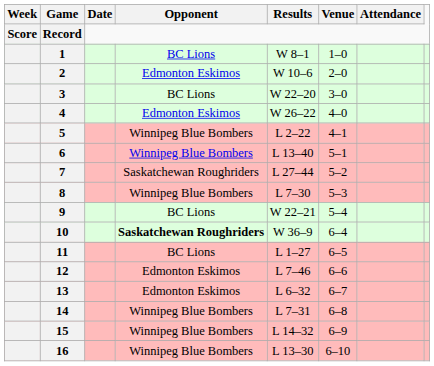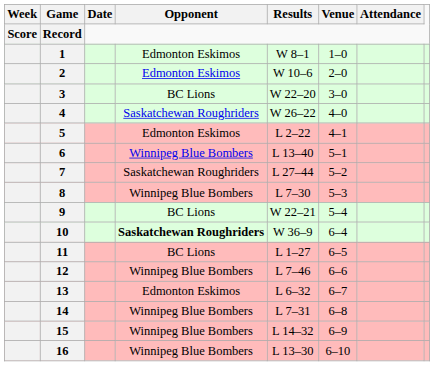 <table class="wikitable" style="text-align:center">
 <tr>
 <th>Week</th>
 <th>Game</th>
 <th>Date</th>
 <th>Opponent</th>
 <th>Results</th>
 <th>Venue</th>
 <th>Attendance</th>
 </tr>
 <tr>
 <th>Score</th>
 <th>Record</th>
 </tr>
 <tr style="background:#ddffdd">
 <th></th>
 <th>1</th>
 <td></td>
-<td><a href='#'>BC Lions</a></td>
+<td>Edmonton Eskimos</td>
 <td>W 8–1</td>
 <td>1–0</td>
 <td></td>
 <td></td>
 </tr>
 <tr style="background:#ddffdd">
 <th></th>
 <th>2</th>
 <td></td>
 <td><a href='#'>Edmonton Eskimos</a></td>
 <td>W 10–6</td>
 <td>2–0</td>
 <td></td>
 <td></td>
 </tr>
 <tr style="background:#ddffdd">
 <th></th>
 <th>3</th>
 <td></td>
 <td>BC Lions</td>
 <td>W 22–20</td>
 <td>3–0</td>
 <td></td>
 <td></td>
 </tr>
 <tr style="background:#ddffdd">
 <th></th>
 <th>4</th>
 <td></td>
-<td><a href='#'>Edmonton Eskimos</a></td>
+<td><a href='#'>Saskatchewan Roughriders</a></td>
 <td>W 26–22</td>
 <td>4–0</td>
 <td></td>
 <td></td>
 </tr>
 <tr style="background:#ffbbbb">
 <th></th>
 <th>5</th>
 <td></td>
-<td>Winnipeg Blue Bombers</td>
+<td>Edmonton Eskimos</td>
 <td>L 2–22</td>
 <td>4–1</td>
 <td></td>
 <td></td>
 </tr>
 <tr style="background:#ffbbbb">
 <th></th>
 <th>6</th>
 <td></td>
 <td><a href='#'>Winnipeg Blue Bombers</a></td>
 <td>L 13–40</td>
 <td>5–1</td>
 <td></td>
 <td></td>
 </tr>
 <tr style="background:#ffbbbb">
 <th></th>
 <th>7</th>
 <td></td>
 <td>Saskatchewan Roughriders</td>
 <td>L 27–44</td>
 <td>5–2</td>
 <td></td>
 <td></td>
 </tr>
 <tr style="background:#ffbbbb">
 <th></th>
 <th>8</th>
 <td></td>
 <td>Winnipeg Blue Bombers</td>
 <td>L 7–30</td>
 <td>5–3</td>
 <td></td>
 <td></td>
 </tr>
 <tr style="background:#ddffdd">
 <th></th>
 <th>9</th>
 <td></td>
 <td>BC Lions</td>
 <td>W 22–21</td>
 <td>5–4</td>
 <td></td>
 <td></td>
 </tr>
 <tr style="background:#ddffdd">
 <th></th>
 <th>10</th>
 <td></td>
 <td><strong>Saskatchewan Roughriders</strong></td>
 <td>W 36–9</td>
 <td>6–4</td>
 <td></td>
 <td></td>
 </tr>
 <tr style="background:#ffbbbb">
 <th></th>
 <th>11</th>
 <td></td>
 <td>BC Lions</td>
 <td>L 1–27</td>
 <td>6–5</td>
 <td></td>
 <td></td>
 </tr>
 <tr style="background:#ffbbbb">
 <th></th>
 <th>12</th>
 <td></td>
-<td>Edmonton Eskimos</td>
+<td>Winnipeg Blue Bombers</td>
 <td>L 7–46</td>
 <td>6–6</td>
 <td></td>
 <td></td>
 </tr>
 <tr style="background:#ffbbbb">
 <th></th>
 <th>13</th>
 <td></td>
 <td>Edmonton Eskimos</td>
 <td>L 6–32</td>
 <td>6–7</td>
 <td></td>
 <td></td>
 </tr>
 <tr style="background:#ffbbbb">
 <th></th>
 <th>14</th>
 <td></td>
 <td>Winnipeg Blue Bombers</td>
 <td>L 7–31</td>
 <td>6–8</td>
 <td></td>
 <td></td>
 </tr>
 <tr style="background:#ffbbbb">
 <th></th>
 <th>15</th>
 <td></td>
 <td>Winnipeg Blue Bombers</td>
 <td>L 14–32</td>
 <td>6–9</td>
 <td></td>
 <td></td>
 </tr>
 <tr style="background:#ffbbbb">
 <th></th>
 <th>16</th>
 <td></td>
 <td>Winnipeg Blue Bombers</td>
 <td>L 13–30</td>
 <td>6–10</td>
 <td></td>
 <td></td>
 </tr>
 </table>
